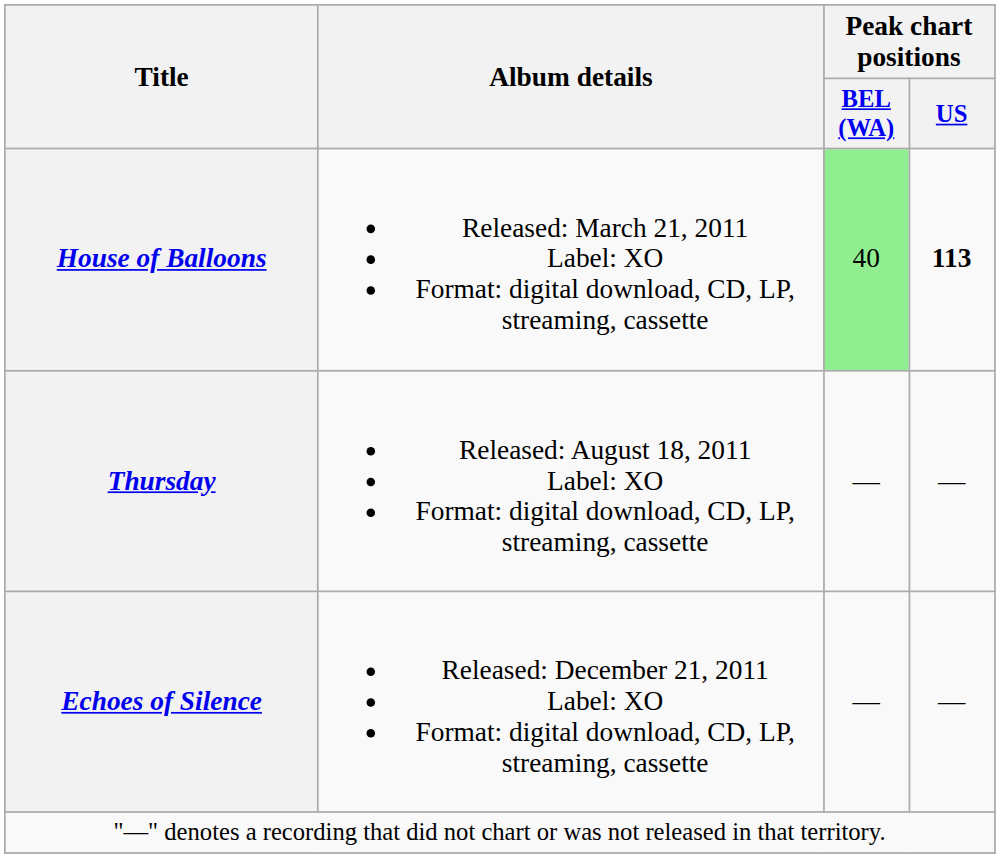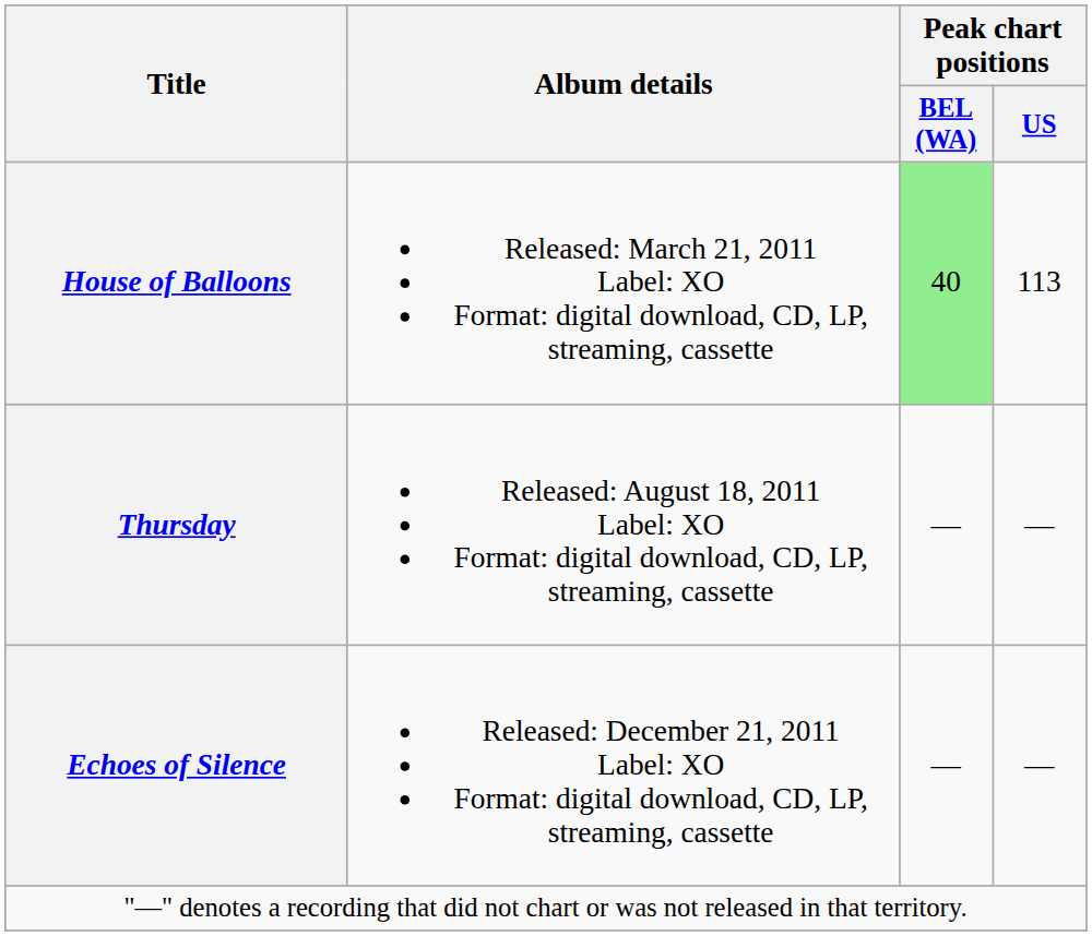 <table class="wikitable plainrowheaders" style="text-align:center;">
 <tr>
 <th scope="col" rowspan="2" style="width:11em;">Title</th>
 <th scope="col" rowspan="2" style="width:18em;">Album details</th>
 <th colspan="2" scope="col">Peak chart positions</th>
 </tr>
 <tr>
 <th scope="col" style="width:3em;font-size:90%;"><a href='#'>BEL<br>(WA)</a><br></th>
 <th scope="col" style="width:3em;font-size:90%;"><a href='#'>US</a><br></th>
 </tr>
 <tr>
 <th scope="row"><em><a href='#'>House of Balloons</a></em></th>
 <td><br><ul><li>Released: March 21, 2011</li><li>Label: XO</li><li>Format: digital download, CD, LP, streaming, cassette</li></ul></td>
 <td style="background: lightgreen;">40</td>
-<td><strong>113</strong></td>
+<td>113</td>
 </tr>
 <tr>
 <th scope="row"><em><a href='#'>Thursday</a></em></th>
 <td><br><ul><li>Released: August 18, 2011</li><li>Label: XO</li><li>Format: digital download, CD, LP, streaming, cassette</li></ul></td>
 <td>—</td>
 <td>—</td>
 </tr>
 <tr>
 <th scope="row"><em><a href='#'>Echoes of Silence</a></em></th>
 <td><br><ul><li>Released: December 21, 2011</li><li>Label: XO</li><li>Format: digital download, CD, LP, streaming, cassette</li></ul></td>
 <td>—</td>
 <td>—</td>
 </tr>
 <tr>
 <td colspan="6" style="font-size:90%">"—" denotes a recording that did not chart or was not released in that territory.</td>
 </tr>
 </table>
